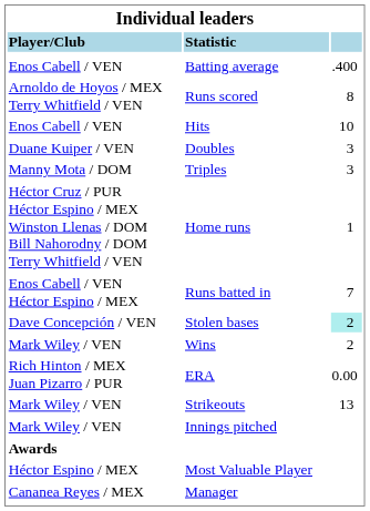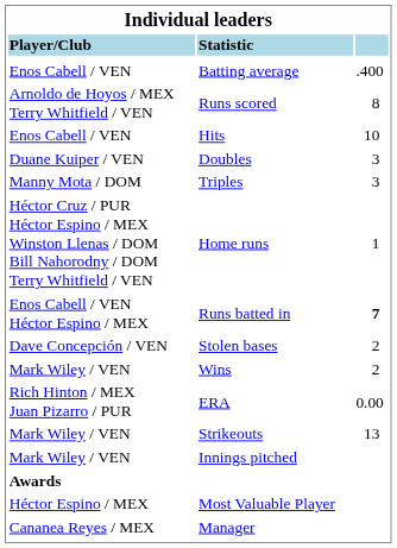 <table cellpadding="1" width="350px" style="font-size: 90%; border: 1px solid gray;">
 <tr align="center" style="font-size: larger;">
 <td colspan=6><strong>Individual leaders</strong></td>
 </tr>
 <tr style="background:lightblue;">
 <td><strong>Player/Club</strong></td>
 <td><strong>Statistic</strong></td>
 <td></td>
 </tr>
 <tr align="center" style="vertical-align: middle;" style="background:lightblue;">
 </tr>
 <tr>
 <td><a href='#'>Enos Cabell</a> / VEN</td>
 <td><a href='#'>Batting average</a></td>
 <td>.400</td>
 </tr>
 <tr>
 <td><a href='#'>Arnoldo de Hoyos</a> / MEX <br> <a href='#'>Terry Whitfield</a> / VEN</td>
 <td><a href='#'>Runs scored</a></td>
 <td>     8</td>
 </tr>
 <tr>
 <td><a href='#'>Enos Cabell</a> / VEN</td>
 <td><a href='#'>Hits</a></td>
 <td>  10</td>
 </tr>
 <tr>
 <td><a href='#'>Duane Kuiper</a> / VEN</td>
 <td><a href='#'>Doubles</a></td>
 <td>     3</td>
 </tr>
 <tr>
 <td><a href='#'>Manny Mota</a> / DOM</td>
 <td><a href='#'>Triples</a></td>
 <td>     3</td>
 </tr>
 <tr>
 <td><a href='#'>Héctor Cruz</a> / PUR <br> <a href='#'>Héctor Espino</a> / MEX <br> <a href='#'>Winston Llenas</a> / DOM <br> <a href='#'>Bill Nahorodny</a> / DOM <br> <a href='#'>Terry Whitfield</a> / VEN <br></td>
 <td><a href='#'>Home runs</a></td>
 <td>    1</td>
 </tr>
 <tr>
 <td><a href='#'>Enos Cabell</a> / VEN<br><a href='#'>Héctor Espino</a> / MEX</td>
 <td><a href='#'>Runs batted in</a></td>
-<td>    7</td>
+<td><strong>    7</strong></td>
 </tr>
 <tr>
 <td><a href='#'>Dave Concepción</a> / VEN</td>
 <td><a href='#'>Stolen bases</a></td>
-<td style="background: paleturquoise;">    2</td>
+<td>    2</td>
 </tr>
 <tr>
 <td><a href='#'>Mark Wiley</a> / VEN</td>
 <td><a href='#'>Wins</a></td>
 <td>    2</td>
 </tr>
 <tr>
 <td><a href='#'>Rich Hinton</a> / MEX <br> <a href='#'>Juan Pizarro</a> / PUR</td>
 <td><a href='#'>ERA</a></td>
 <td>0.00</td>
 </tr>
 <tr>
 <td><a href='#'>Mark Wiley</a> / VEN</td>
 <td><a href='#'>Strikeouts</a></td>
 <td>  13</td>
 </tr>
 <tr>
 <td><a href='#'>Mark Wiley</a> / VEN</td>
 <td><a href='#'>Innings pitched</a></td>
 <td> </td>
 </tr>
 <tr>
 <td><strong>Awards</strong></td>
 </tr>
 <tr>
 <td><a href='#'>Héctor Espino</a> / MEX</td>
 <td><a href='#'>Most Valuable Player</a></td>
 </tr>
 <tr>
 <td><a href='#'>Cananea Reyes</a> / MEX</td>
 <td><a href='#'>Manager</a></td>
 </tr>
 <tr>
 </tr>
 </table>
